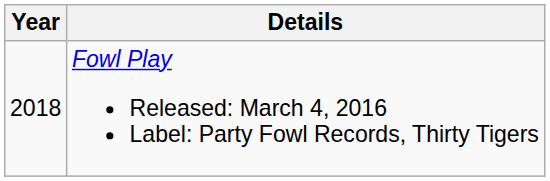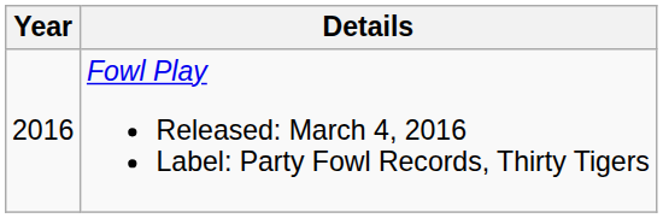 <table class=wikitable style=text-align:center;>
 <tr>
 <th>Year</th>
 <th>Details</th>
 </tr>
 <tr>
-<td>2018</td>
+<td>2016</td>
 <td align=left><em><a href='#'>Fowl Play</a></em><br><ul><li>Released: March 4, 2016</li><li>Label: Party Fowl Records, Thirty Tigers</li></ul></td>
 </tr>
 </table>
